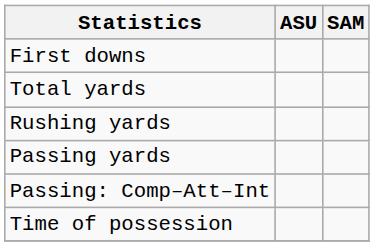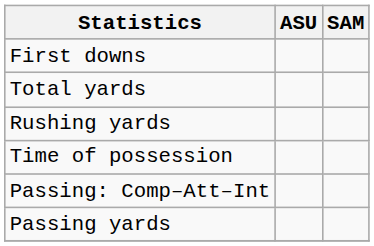 <table class="wikitable" style="float: left;">
 <tr>
 <th>Statistics</th>
 <th>ASU</th>
 <th>SAM</th>
 </tr>
 <tr>
 <td>First downs</td>
 <td></td>
 <td></td>
 </tr>
 <tr>
 <td>Total yards</td>
 <td></td>
 <td></td>
 </tr>
 <tr>
 <td>Rushing yards</td>
 <td></td>
 <td></td>
 </tr>
 <tr>
-<td>Passing yards</td>
+<td>Time of possession</td>
 <td></td>
 <td></td>
 </tr>
 <tr>
 <td>Passing: Comp–Att–Int</td>
 <td></td>
 <td></td>
 </tr>
 <tr>
-<td>Time of possession</td>
+<td>Passing yards</td>
 <td></td>
 <td></td>
 </tr>
 <tr>
 </tr>
 </table>
